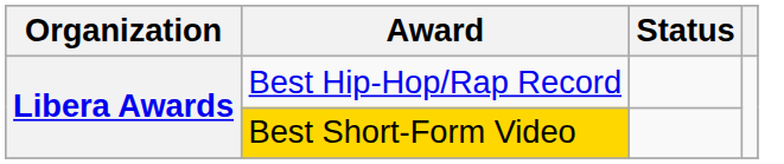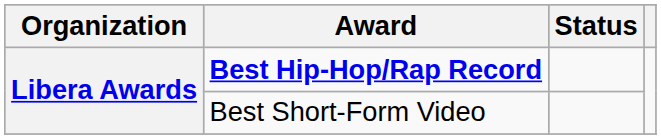 <table class="wikitable plainrowheaders">
 <tr>
 <th scope="col">Organization</th>
 <th scope="col">Award</th>
 <th scope="col">Status</th>
 <th scope="col"></th>
 </tr>
 <tr>
 <th scope="row" rowspan=2><a href='#'>Libera Awards</a></th>
-<td><a href='#'>Best Hip-Hop/Rap Record</a></td>
+<td><strong><a href='#'>Best Hip-Hop/Rap Record</a></strong></td>
 <td></td>
 <td rowspan=2></td>
 </tr>
 <tr>
-<td style="background: gold;">Best Short-Form Video</td>
+<td>Best Short-Form Video</td>
 <td></td>
 </tr>
 </table>
